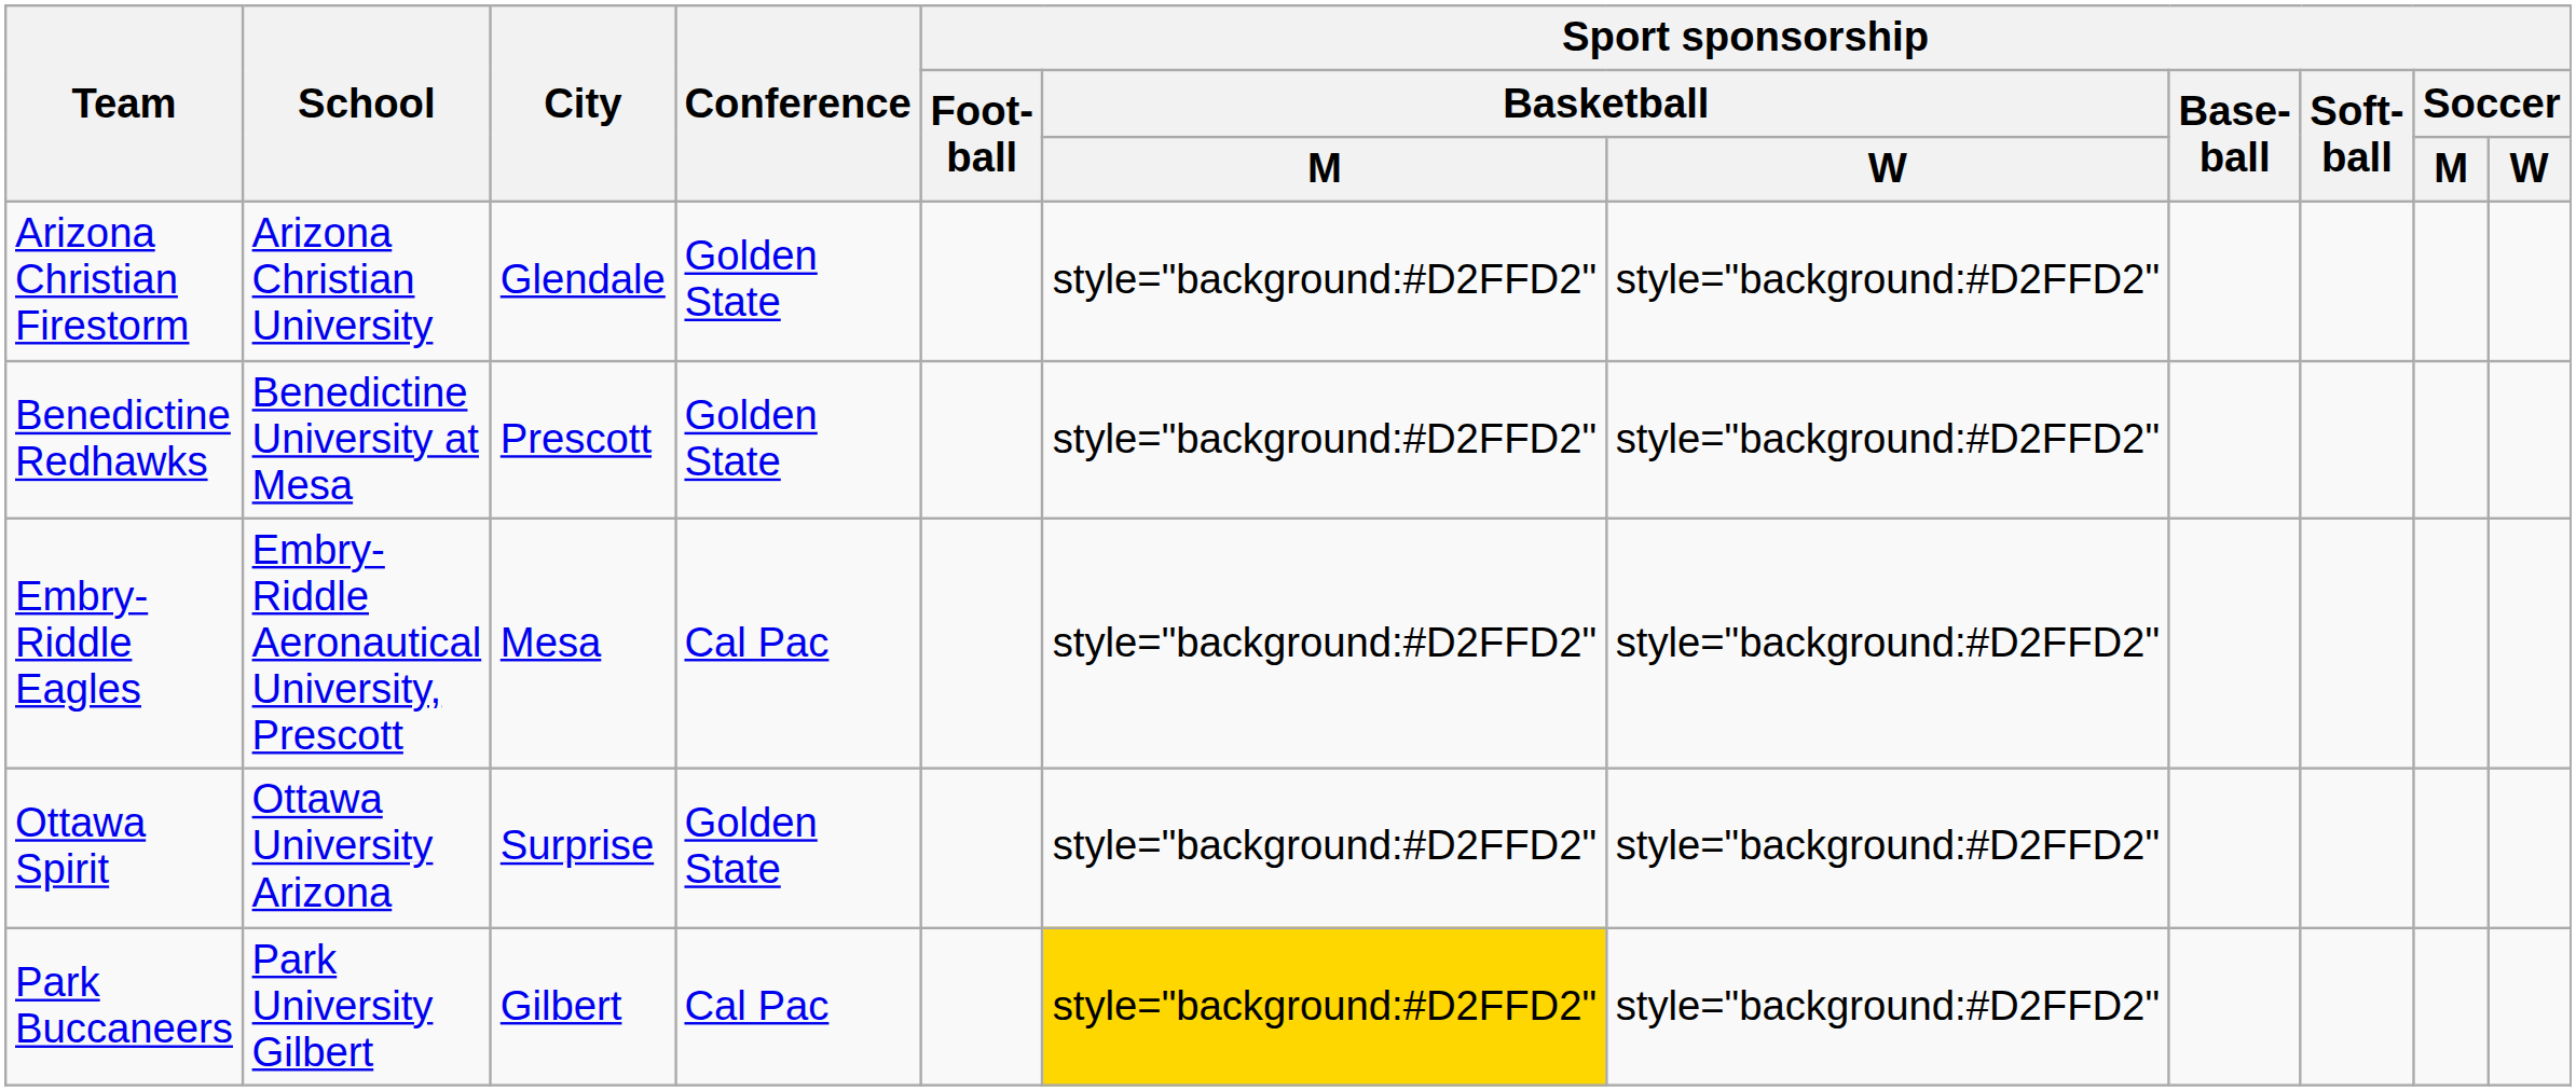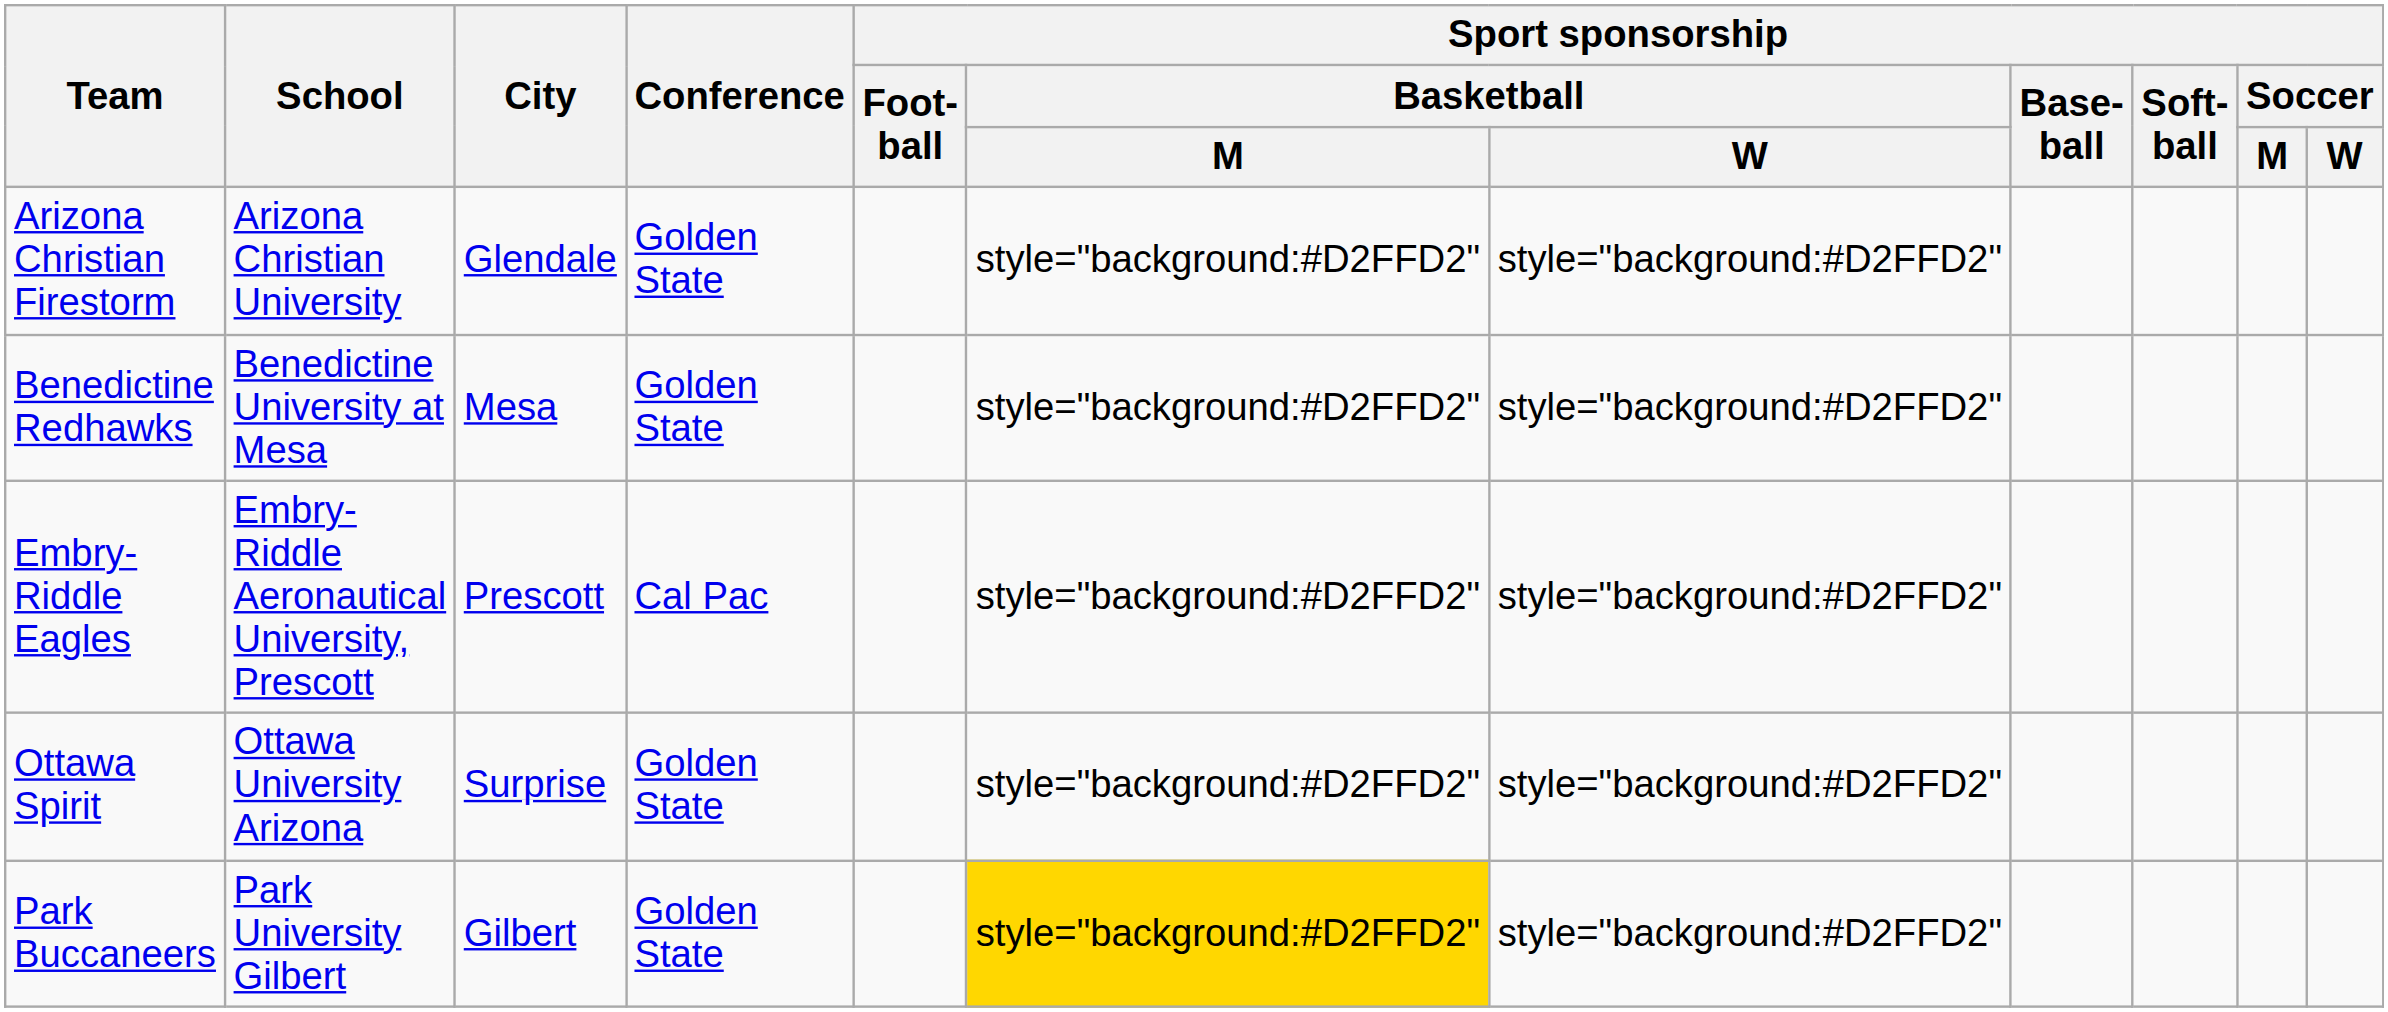 <table class="sortable wikitable">
 <tr>
 <th rowspan=3>Team</th>
 <th rowspan=3>School</th>
 <th rowspan=3>City</th>
 <th rowspan=3>Conference</th>
 <th colspan=7>Sport sponsorship</th>
 </tr>
 <tr>
 <th rowspan=2>Foot-<br>ball</th>
 <th colspan=2>Basketball</th>
 <th rowspan=2>Base-<br>ball</th>
 <th rowspan=2>Soft-<br>ball</th>
 <th colspan=2>Soccer</th>
 </tr>
 <tr>
 <th>M</th>
 <th>W</th>
 <th>M</th>
 <th>W</th>
 </tr>
 <tr>
 <td><a href='#'>Arizona Christian Firestorm</a></td>
 <td><a href='#'>Arizona Christian University</a></td>
 <td><a href='#'>Glendale</a></td>
 <td><a href='#'>Golden State</a></td>
 <td> </td>
 <td>style="background:#D2FFD2" </td>
 <td>style="background:#D2FFD2" </td>
 <td></td>
 <td></td>
 <td></td>
 <td></td>
 </tr>
 <tr>
 <td><a href='#'>Benedictine Redhawks</a></td>
 <td><a href='#'>Benedictine University at Mesa</a></td>
-<td><a href='#'>Prescott</a></td>
+<td><a href='#'>Mesa</a></td>
 <td><a href='#'>Golden State</a></td>
 <td></td>
 <td>style="background:#D2FFD2" </td>
 <td>style="background:#D2FFD2" </td>
 <td></td>
 <td></td>
 <td></td>
 <td></td>
 </tr>
 <tr>
 <td><a href='#'>Embry-Riddle Eagles</a></td>
 <td><a href='#'>Embry-Riddle Aeronautical University, Prescott</a></td>
-<td><a href='#'>Mesa</a></td>
+<td><a href='#'>Prescott</a></td>
 <td><a href='#'>Cal Pac</a></td>
 <td></td>
 <td>style="background:#D2FFD2" </td>
 <td>style="background:#D2FFD2" </td>
 <td></td>
 <td></td>
 <td></td>
 <td></td>
 </tr>
 <tr>
 <td><a href='#'>Ottawa Spirit</a></td>
 <td><a href='#'>Ottawa University Arizona</a></td>
 <td><a href='#'>Surprise</a></td>
 <td><a href='#'>Golden State</a></td>
 <td> </td>
 <td>style="background:#D2FFD2" </td>
 <td>style="background:#D2FFD2" </td>
 <td></td>
 <td></td>
 <td></td>
 <td></td>
 </tr>
 <tr>
 <td><a href='#'>Park Buccaneers</a></td>
 <td><a href='#'>Park University Gilbert</a></td>
 <td><a href='#'>Gilbert</a></td>
-<td><a href='#'>Cal Pac</a></td>
+<td><a href='#'>Golden State</a></td>
 <td></td>
 <td style="background: gold;">style="background:#D2FFD2" </td>
 <td>style="background:#D2FFD2" </td>
 <td></td>
 <td></td>
 <td></td>
 <td></td>
 </tr>
 </table>
